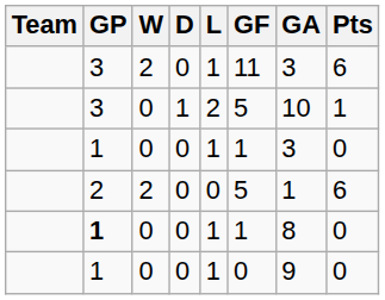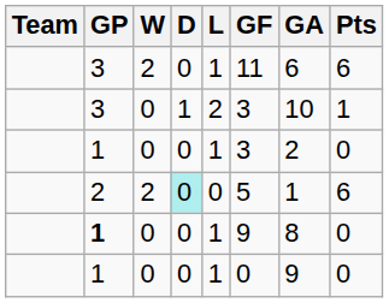 <table class="wikitable">
 <tr>
 <th>Team</th>
 <th>GP</th>
 <th>W</th>
 <th>D</th>
 <th>L</th>
 <th>GF</th>
 <th>GA</th>
 <th>Pts</th>
 </tr>
 <tr>
 <td></td>
 <td>3</td>
 <td>2</td>
 <td>0</td>
 <td>1</td>
 <td>11</td>
-<td>3</td>
+<td>6</td>
 <td>6</td>
 </tr>
 <tr>
 <td></td>
 <td>3</td>
 <td>0</td>
 <td>1</td>
 <td>2</td>
-<td>5</td>
+<td>3</td>
 <td>10</td>
 <td>1</td>
 </tr>
 <tr>
 <td></td>
 <td>1</td>
 <td>0</td>
 <td>0</td>
 <td>1</td>
-<td>1</td>
 <td>3</td>
+<td>2</td>
 <td>0</td>
 </tr>
 <tr>
 <td></td>
 <td>2</td>
 <td>2</td>
-<td>0</td>
+<td style="background: paleturquoise;">0</td>
 <td>0</td>
 <td>5</td>
 <td>1</td>
 <td>6</td>
 </tr>
 <tr>
 <td></td>
 <td><strong>1</strong></td>
 <td>0</td>
 <td>0</td>
 <td>1</td>
-<td>1</td>
+<td>9</td>
 <td>8</td>
 <td>0</td>
 </tr>
 <tr>
 <td></td>
 <td>1</td>
 <td>0</td>
 <td>0</td>
 <td>1</td>
 <td>0</td>
 <td>9</td>
 <td>0</td>
 </tr>
 </table>
